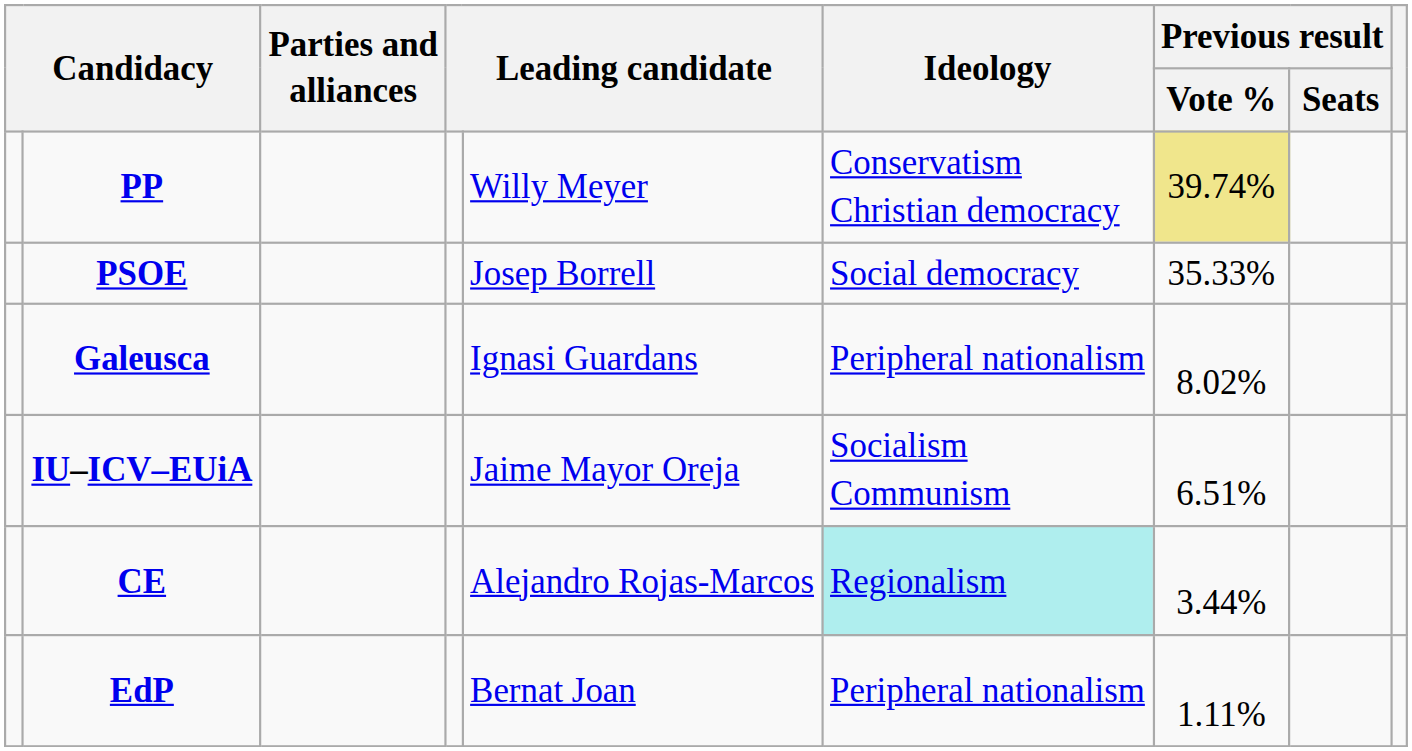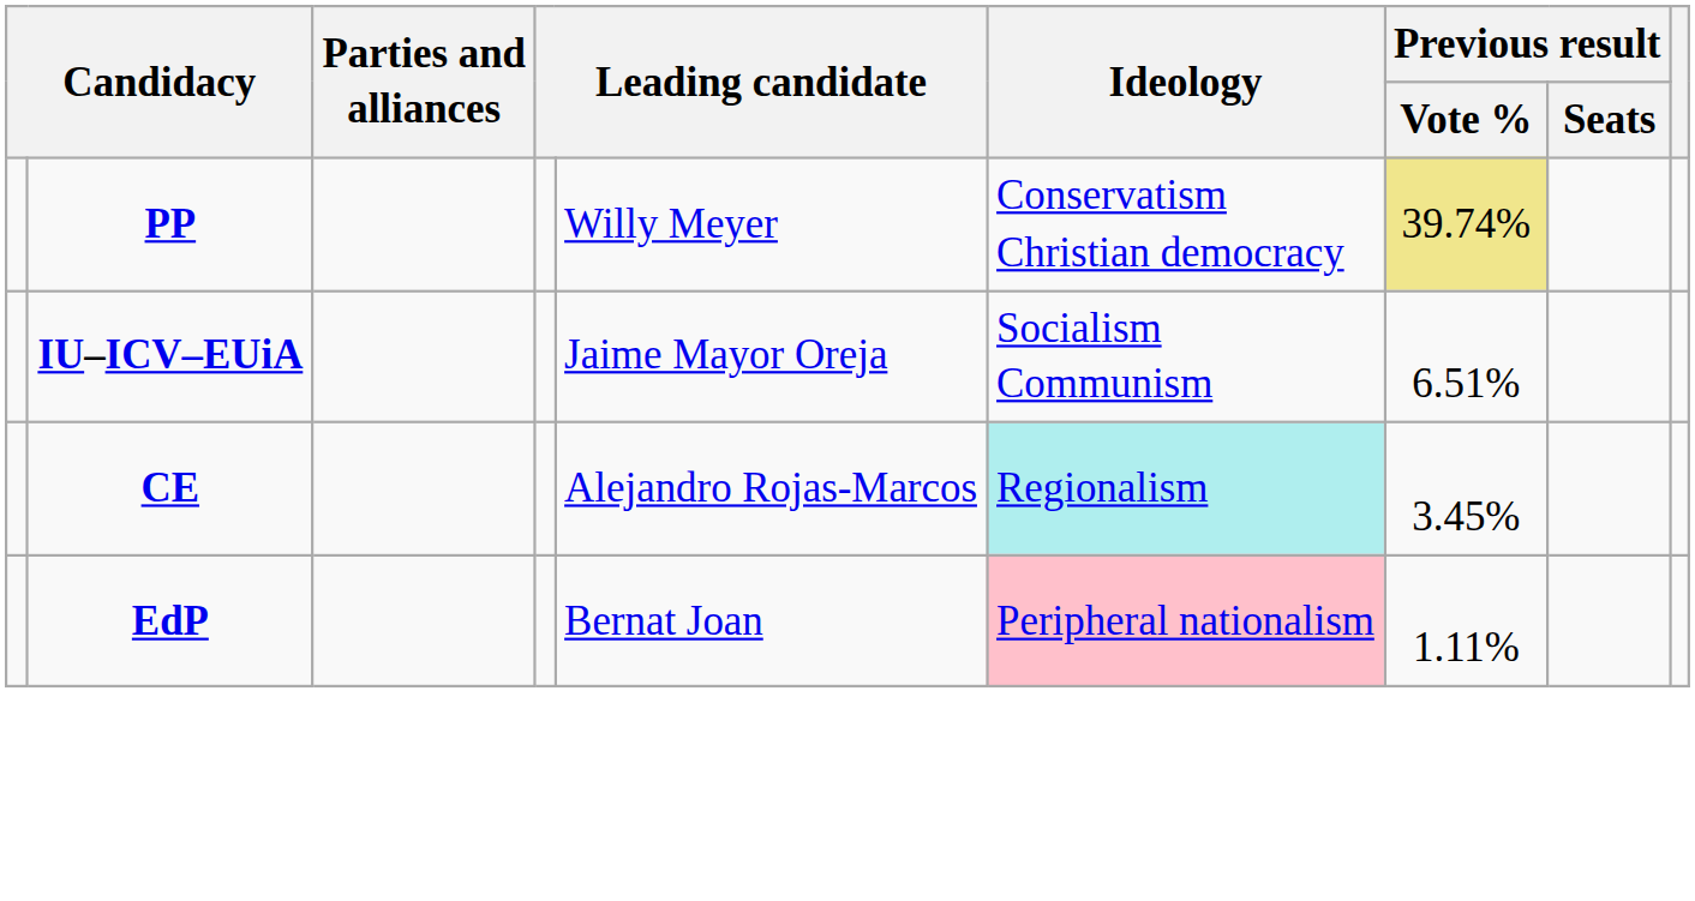 <table class="wikitable" style="line-height:1.35em; text-align:left;">
 <tr>
 <th colspan="2" rowspan="2">Candidacy</th>
 <th rowspan="2">Parties and<br>alliances</th>
 <th colspan="2" rowspan="2">Leading candidate</th>
 <th rowspan="2">Ideology</th>
 <th colspan="2">Previous result</th>
 <th rowspan="2"></th>
 </tr>
 <tr>
 <th>Vote %</th>
 <th>Seats</th>
 </tr>
 <tr>
 <td width="1" style="color:inherit;background:"></td>
 <td align="center"><strong><a href='#'>PP</a></strong></td>
 <td></td>
 <td></td>
 <td><a href='#'>Willy Meyer</a></td>
 <td><a href='#'>Conservatism</a><br><a href='#'>Christian democracy</a></td>
 <td align="center" style="background: khaki;">39.74%</td>
 <td></td>
 <td></td>
 </tr>
 <tr>
 <td style="color:inherit;background:"></td>
-<td align="center"><strong><a href='#'>PSOE</a></strong></td>
-<td></td>
-<td></td>
-<td><a href='#'>Josep Borrell</a></td>
-<td><a href='#'>Social democracy</a></td>
-<td align="center">35.33%</td>
-<td></td>
-<td></td>
-</tr>
-<tr>
-<td style="color:inherit;background:"></td>
-<td align="center"><strong><a href='#'>Galeusca</a></strong></td>
-<td></td>
-<td></td>
-<td><a href='#'>Ignasi Guardans</a></td>
-<td><a href='#'>Peripheral nationalism</a></td>
-<td align="center"><br>8.02%<br></td>
-<td></td>
-<td><br></td>
-</tr>
-<tr>
-<td style="color:inherit;background:"></td>
 <td align="center"><strong><a href='#'>IU</a>–<a href='#'>ICV–EUiA</a></strong></td>
 <td></td>
 <td></td>
 <td><a href='#'>Jaime Mayor Oreja</a></td>
 <td><a href='#'>Socialism</a><br><a href='#'>Communism</a></td>
 <td align="center"><br>6.51%<br></td>
 <td></td>
 <td><br></td>
 </tr>
 <tr>
 <td style="color:inherit;background:"></td>
 <td align="center"><strong><a href='#'>CE</a></strong></td>
 <td></td>
 <td></td>
 <td><a href='#'>Alejandro Rojas-Marcos</a></td>
 <td style="background: paleturquoise;"><a href='#'>Regionalism</a></td>
-<td align="center"><br>3.44%<br></td>
+<td align="center"><br>3.45%<br></td>
 <td></td>
 <td></td>
 </tr>
 <tr>
 <td style="color:inherit;background:"></td>
 <td align="center"><strong><a href='#'>EdP</a></strong></td>
 <td></td>
 <td></td>
 <td><a href='#'>Bernat Joan</a></td>
-<td><a href='#'>Peripheral nationalism</a></td>
+<td style="background: pink;"><a href='#'>Peripheral nationalism</a></td>
 <td align="center"><br>1.11%<br></td>
 <td></td>
 <td></td>
 </tr>
 </table>
